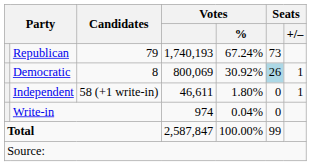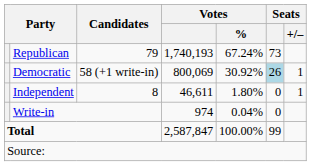 <table class="wikitable">
 <tr>
 <th rowspan="2" colspan="2">Party</th>
 <th rowspan="2">Candidates</th>
 <th colspan="2">Votes</th>
 <th colspan="4">Seats</th>
 </tr>
 <tr>
 <th></th>
 <th>%</th>
 <th></th>
 <th>+/–</th>
 </tr>
 <tr>
 <th style="background-color:"></th>
 <td><a href='#'>Republican</a></td>
 <td align="right">79</td>
 <td align="right">1,740,193</td>
 <td align="right">67.24%</td>
 <td align="right">73</td>
 <td align="right"></td>
 </tr>
 <tr>
 <th style="background-color:"></th>
 <td><a href='#'>Democratic</a></td>
-<td align="right">8</td>
+<td align="right">58 (+1 write-in)</td>
 <td align="right">800,069</td>
 <td align="right">30.92%</td>
 <td align="right" style="background: lightblue;">26</td>
 <td align="right"> 1</td>
 </tr>
 <tr>
 <th style="background-color:"></th>
 <td><a href='#'>Independent</a></td>
-<td align="right">58 (+1 write-in)</td>
+<td align="right">8</td>
 <td align="right">46,611</td>
 <td align="right">1.80%</td>
 <td align="right">0</td>
 <td align="right"> 1</td>
 </tr>
 <tr>
 <th style="background-color:"></th>
 <td colspan="2" align="left"><a href='#'>Write-in</a></td>
 <td align="right">974</td>
 <td align="right">0.04%</td>
 <td align="right">0</td>
 <td align="right"></td>
 </tr>
 <tr>
 <td colspan="3" align="left"><strong>Total</strong></td>
 <td align="right">2,587,847</td>
 <td align="right">100.00%</td>
 <td align="right">99</td>
 <td align="right"></td>
 </tr>
 <tr>
 <td colspan="10">Source: </td>
 </tr>
 </table>
